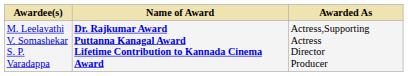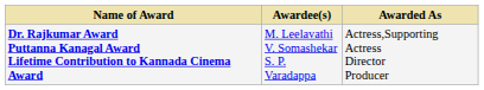 <table class="wikitable" style="width:100%;">
 <tr>
+<th style="background-color:#EFE4B0;">Name of Award</th>
 <th style="background-color:#EFE4B0;">Awardee(s)</th>
-<th style="background-color:#EFE4B0;">Name of Award</th>
 <th style="background-color:#EFE4B0;">Awarded As</th>
 </tr>
 <tr style="background-color:#F4F4F4">
+<td><strong><a href='#'>Dr. Rajkumar Award</a></strong><br><strong><a href='#'>Puttanna Kanagal Award</a></strong><br><strong><a href='#'>Lifetime Contribution to Kannada Cinema Award</a></strong></td>
 <td><a href='#'>M. Leelavathi</a><br><a href='#'>V. Somashekar</a><br><a href='#'>S. P. Varadappa</a></td>
-<td><strong><a href='#'>Dr. Rajkumar Award</a></strong><br><strong><a href='#'>Puttanna Kanagal Award</a></strong><br><strong><a href='#'>Lifetime Contribution to Kannada Cinema Award</a></strong></td>
 <td>Actress,Supporting Actress<br>Director<br>Producer</td>
 </tr>
 </table>
